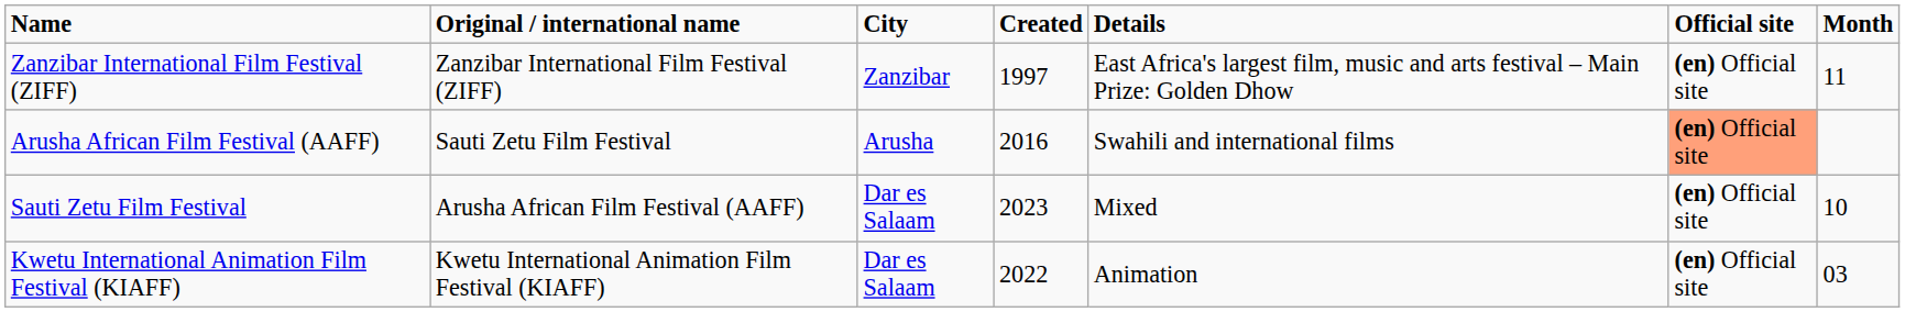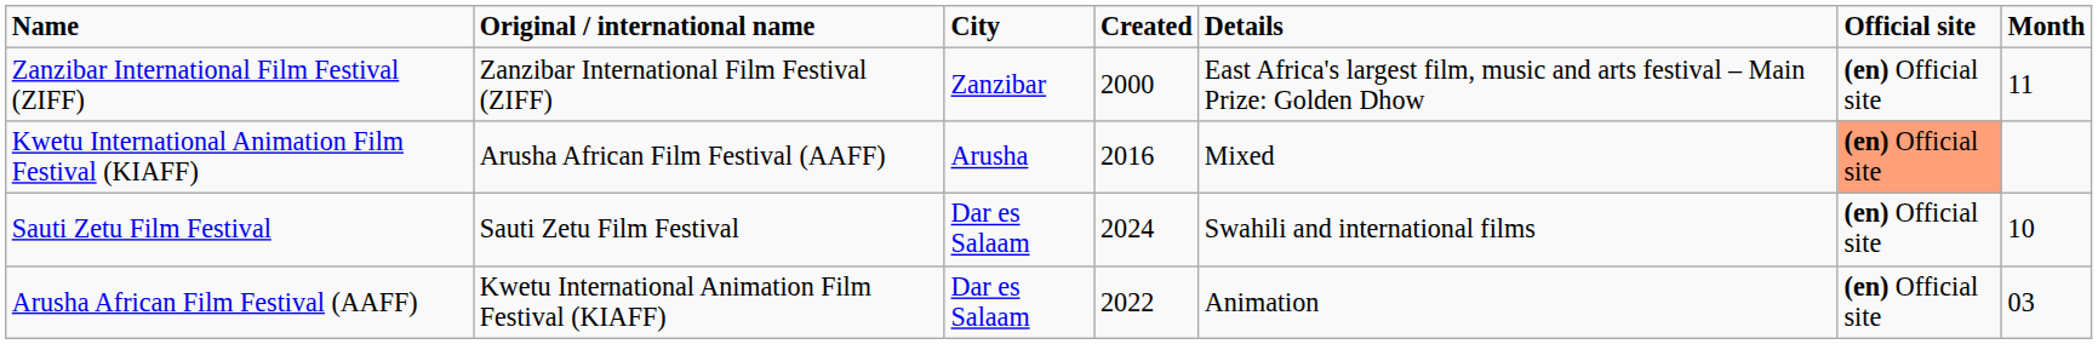 <table class="wikitable">
 <tr>
 <td><strong>Name</strong></td>
 <td><strong>Original / international name</strong></td>
 <td><strong>City</strong></td>
 <td><strong>Created</strong></td>
 <td><strong>Details</strong></td>
 <td><strong>Official site</strong></td>
 <td><strong>Month</strong></td>
 </tr>
 <tr>
 <td><a href='#'>Zanzibar International Film Festival</a>  (ZIFF) </td>
 <td>Zanzibar International Film Festival  (ZIFF)</td>
 <td><a href='#'>Zanzibar</a></td>
-<td>1997</td>
+<td>2000</td>
 <td>East Africa's largest film, music and arts festival – Main Prize: Golden Dhow</td>
 <td><strong>(en)</strong> Official site</td>
 <td>11</td>
 </tr>
 <tr>
-<td><a href='#'>Arusha African Film Festival</a> (AAFF)</td>
-<td>Sauti Zetu Film Festival</td>
+<td><a href='#'>Kwetu International Animation Film Festival</a> (KIAFF) </td>
+<td>Arusha African Film Festival (AAFF)</td>
 <td><a href='#'>Arusha</a></td>
 <td>2016</td>
-<td>Swahili and international films</td>
+<td>Mixed</td>
 <td style="background: lightsalmon;"><strong>(en)</strong> Official site</td>
 <td></td>
 </tr>
 <tr>
 <td><a href='#'>Sauti Zetu Film Festival</a></td>
-<td>Arusha African Film Festival (AAFF)</td>
+<td>Sauti Zetu Film Festival</td>
 <td><a href='#'>Dar es Salaam</a></td>
-<td>2023</td>
-<td>Mixed</td>
+<td>2024</td>
+<td>Swahili and international films</td>
 <td><strong>(en)</strong> Official site</td>
 <td>10</td>
 </tr>
 <tr>
-<td><a href='#'>Kwetu International Animation Film Festival</a> (KIAFF) </td>
+<td><a href='#'>Arusha African Film Festival</a> (AAFF)</td>
 <td>Kwetu International Animation Film Festival (KIAFF)</td>
 <td><a href='#'>Dar es Salaam</a></td>
 <td>2022</td>
 <td>Animation</td>
 <td><strong>(en)</strong> Official site</td>
 <td>03</td>
 </tr>
 </table>
